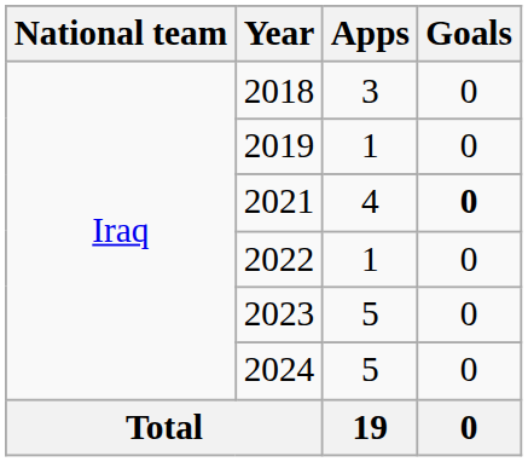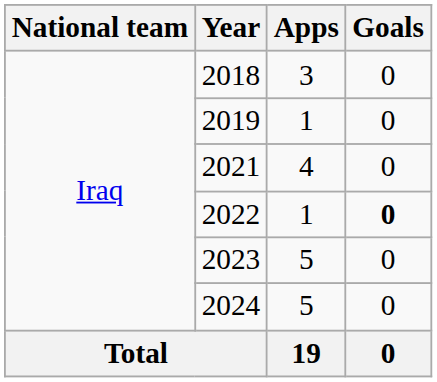 <table class=wikitable style=text-align:center>
 <tr>
 <th>National team</th>
 <th>Year</th>
 <th>Apps</th>
 <th>Goals</th>
 </tr>
 <tr>
 <td rowspan="6"><a href='#'>Iraq</a></td>
 <td>2018</td>
 <td>3</td>
 <td>0</td>
 </tr>
 <tr>
 <td>2019</td>
 <td>1</td>
 <td>0</td>
 </tr>
 <tr>
 <td>2021</td>
 <td>4</td>
-<td><strong>0</strong></td>
+<td>0</td>
 </tr>
 <tr>
 <td>2022</td>
 <td>1</td>
-<td>0</td>
+<td><strong>0</strong></td>
 </tr>
 <tr>
 <td>2023</td>
 <td>5</td>
 <td>0</td>
 </tr>
 <tr>
 <td>2024</td>
 <td>5</td>
 <td>0</td>
 </tr>
 <tr>
 <th colspan="2">Total</th>
 <th>19</th>
 <th>0</th>
 </tr>
 </table>
